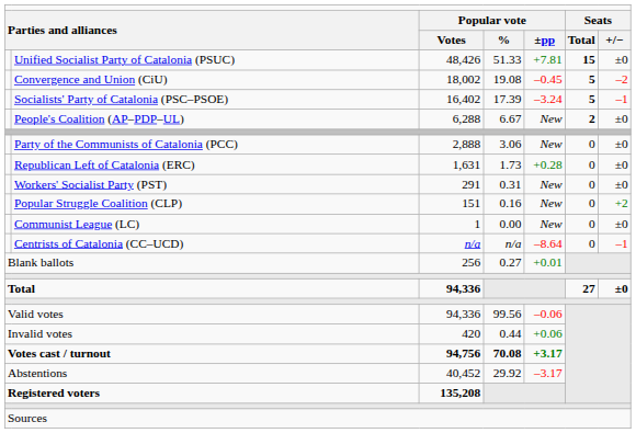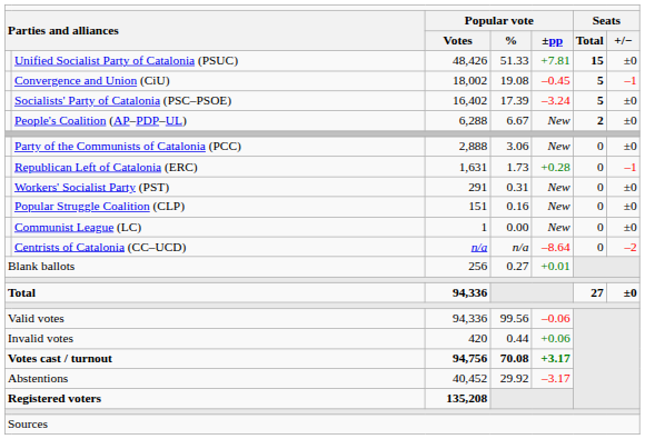 <table class="wikitable" style="text-align:right;">
 <tr>
 <td colspan="7"></td>
 </tr>
 <tr>
 <th style="text-align:left;" rowspan="2" colspan="2" width="525">Parties and alliances</th>
 <th colspan="3">Popular vote</th>
 <th colspan="2">Seats</th>
 </tr>
 <tr>
 <th width="75">Votes</th>
 <th width="45">%</th>
 <th width="45">±<a href='#'>pp</a></th>
 <th width="35">Total</th>
 <th width="35">+/−</th>
 </tr>
 <tr>
 <td width="1" style="color:inherit;background:"></td>
 <td align="left"><a href='#'>Unified Socialist Party of Catalonia</a> (PSUC)</td>
 <td>48,426</td>
 <td>51.33</td>
 <td style="color:green;">+7.81</td>
 <td><strong>15</strong></td>
 <td>±0</td>
 </tr>
 <tr>
 <td style="color:inherit;background:"></td>
 <td align="left"><a href='#'>Convergence and Union</a> (CiU)</td>
 <td>18,002</td>
 <td>19.08</td>
 <td style="color:red;">–0.45</td>
 <td><strong>5</strong></td>
-<td style="color:red;">–2</td>
+<td style="color:red;">–1</td>
 </tr>
 <tr>
 <td style="color:inherit;background:"></td>
 <td align="left"><a href='#'>Socialists' Party of Catalonia</a> (PSC–PSOE)</td>
 <td>16,402</td>
 <td>17.39</td>
 <td style="color:red;">–3.24</td>
 <td><strong>5</strong></td>
-<td style="color:red;">–1</td>
+<td>±0</td>
 </tr>
 <tr>
 <td style="color:inherit;background:"></td>
 <td align="left"><a href='#'>People's Coalition</a> (<a href='#'>AP</a>–<a href='#'>PDP</a>–<a href='#'>UL</a>)</td>
 <td>6,288</td>
 <td>6.67</td>
 <td><em>New</em></td>
 <td><strong>2</strong></td>
 <td>±0</td>
 </tr>
 <tr>
 <td colspan="7" style="color:inherit;background:#C0C0C0"></td>
 </tr>
 <tr>
 <td style="color:inherit;background:"></td>
 <td align="left"><a href='#'>Party of the Communists of Catalonia</a> (PCC)</td>
 <td>2,888</td>
 <td>3.06</td>
 <td><em>New</em></td>
 <td>0</td>
 <td>±0</td>
 </tr>
 <tr>
 <td style="color:inherit;background:"></td>
 <td align="left"><a href='#'>Republican Left of Catalonia</a> (ERC)</td>
 <td>1,631</td>
 <td>1.73</td>
 <td style="color:green;">+0.28</td>
 <td>0</td>
-<td>±0</td>
+<td style="color:red;">–1</td>
 </tr>
 <tr>
 <td style="color:inherit;background:"></td>
 <td align="left"><a href='#'>Workers' Socialist Party</a> (PST)</td>
 <td>291</td>
 <td>0.31</td>
 <td><em>New</em></td>
 <td>0</td>
 <td>±0</td>
 </tr>
 <tr>
 <td style="color:inherit;background:"></td>
 <td align="left"><a href='#'>Popular Struggle Coalition</a> (CLP)</td>
 <td>151</td>
 <td>0.16</td>
 <td><em>New</em></td>
 <td>0</td>
-<td style="color:green;">+2</td>
+<td>±0</td>
 </tr>
 <tr>
 <td style="color:inherit;background:"></td>
 <td align="left"><a href='#'>Communist League</a> (LC)</td>
 <td>1</td>
 <td>0.00</td>
 <td><em>New</em></td>
 <td>0</td>
 <td>±0</td>
 </tr>
 <tr>
 <td style="color:inherit;background:"></td>
 <td align="left"><a href='#'>Centrists of Catalonia</a> (CC–UCD)</td>
 <td><em><a href='#'>n/a</a></em></td>
 <td><em>n/a</em></td>
 <td style="color:red;">–8.64</td>
 <td>0</td>
-<td style="color:red;">–1</td>
+<td style="color:red;">–2</td>
 </tr>
 <tr>
 <td align="left" colspan="2">Blank ballots</td>
 <td>256</td>
 <td>0.27</td>
 <td style="color:green;">+0.01</td>
 <td style="color:inherit;background:#E9E9E9" colspan="2"></td>
 </tr>
 <tr>
 <td colspan="7" style="color:inherit;background:#E9E9E9"></td>
 </tr>
 <tr style="font-weight:bold;">
 <td align="left" colspan="2">Total</td>
 <td>94,336</td>
 <td bgcolor="#E9E9E9" colspan="2"></td>
 <td>27</td>
 <td>±0</td>
 </tr>
 <tr>
 <td colspan="7" style="color:inherit;background:#E9E9E9"></td>
 </tr>
 <tr>
 <td align="left" colspan="2">Valid votes</td>
 <td>94,336</td>
 <td>99.56</td>
 <td style="color:red;">–0.06</td>
 <td bgcolor="#E9E9E9" colspan="2" rowspan="5"></td>
 </tr>
 <tr>
 <td align="left" colspan="2">Invalid votes</td>
 <td>420</td>
 <td>0.44</td>
 <td style="color:green;">+0.06</td>
 </tr>
 <tr style="font-weight:bold;">
 <td align="left" colspan="2">Votes cast / turnout</td>
 <td>94,756</td>
 <td>70.08</td>
 <td style="color:green;">+3.17</td>
 </tr>
 <tr>
 <td align="left" colspan="2">Abstentions</td>
 <td>40,452</td>
 <td>29.92</td>
 <td style="color:red;">–3.17</td>
 </tr>
 <tr style="font-weight:bold;">
 <td align="left" colspan="2">Registered voters</td>
 <td>135,208</td>
 <td bgcolor="#E9E9E9" colspan="2"></td>
 </tr>
 <tr>
 <td colspan="7" style="color:inherit;background:#E9E9E9"></td>
 </tr>
 <tr>
 <td align="left" colspan="7">Sources</td>
 </tr>
 </table>
